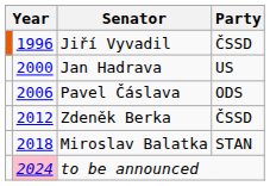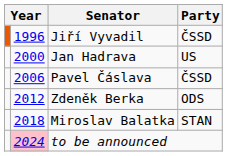 <table class="wikitable">
 <tr>
 <th colspan="2">Year</th>
 <th>Senator</th>
 <th>Party</th>
 </tr>
 <tr>
 <td style="background-color:#EC5800;"></td>
 <td><a href='#'>1996</a></td>
 <td>Jiří Vyvadil</td>
 <td>ČSSD</td>
 </tr>
 <tr>
 <td style="background-color:"></td>
 <td><a href='#'>2000</a></td>
 <td>Jan Hadrava</td>
 <td>US</td>
 </tr>
 <tr>
 <td style="background-color:"></td>
 <td><a href='#'>2006</a></td>
 <td>Pavel Čáslava</td>
-<td>ODS</td>
+<td>ČSSD</td>
 </tr>
 <tr>
 <td style="background-color:"></td>
 <td><a href='#'>2012</a></td>
 <td>Zdeněk Berka</td>
-<td>ČSSD</td>
+<td>ODS</td>
 </tr>
 <tr>
 <td style="background-color:"></td>
 <td><a href='#'>2018</a></td>
 <td>Miroslav Balatka</td>
 <td>STAN</td>
 </tr>
 <tr>
 <td></td>
 <td style="background: pink;"><em><a href='#'>2024</a></em></td>
 <td colspan="2"><em>to be announced</em></td>
 </tr>
 </table>
